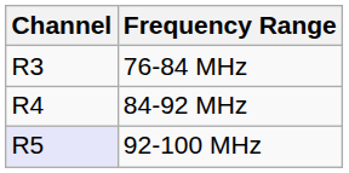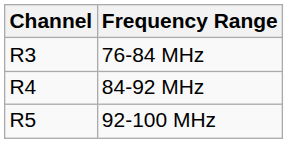 <table class="wikitable">
 <tr>
 <th>Channel</th>
 <th>Frequency Range</th>
 </tr>
 <tr>
 <td>R3</td>
 <td>76-84 MHz</td>
 </tr>
 <tr>
 <td>R4</td>
 <td>84-92 MHz</td>
 </tr>
 <tr>
-<td style="background: lavender;">R5</td>
+<td>R5</td>
 <td>92-100 MHz</td>
 </tr>
 </table>
